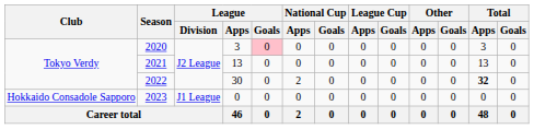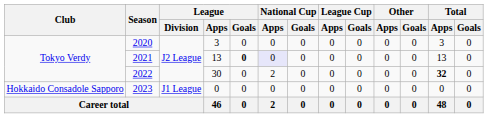 <table class="wikitable" style="text-align: center;">
 <tr>
 <th rowspan="2">Club</th>
 <th rowspan="2">Season</th>
 <th colspan="3">League</th>
 <th colspan="2">National Cup</th>
 <th colspan="2">League Cup</th>
 <th colspan="2">Other</th>
 <th colspan="2">Total</th>
 </tr>
 <tr>
 <th>Division</th>
 <th>Apps</th>
 <th>Goals</th>
 <th>Apps</th>
 <th>Goals</th>
 <th>Apps</th>
 <th>Goals</th>
 <th>Apps</th>
 <th>Goals</th>
 <th>Apps</th>
 <th>Goals</th>
 </tr>
 <tr>
 <td rowspan="3"><a href='#'>Tokyo Verdy</a></td>
 <td><a href='#'>2020</a></td>
 <td rowspan="3"><a href='#'>J2 League</a></td>
 <td>3</td>
-<td style="background: pink;">0</td>
+<td>0</td>
 <td>0</td>
 <td>0</td>
 <td>0</td>
 <td>0</td>
 <td>0</td>
 <td>0</td>
 <td>3</td>
 <td>0</td>
 </tr>
 <tr>
 <td><a href='#'>2021</a></td>
 <td>13</td>
-<td>0</td>
-<td>0</td>
+<td><strong>0</strong></td>
+<td style="background: lavender;">0</td>
 <td>0</td>
 <td>0</td>
 <td>0</td>
 <td>0</td>
 <td>0</td>
 <td>13</td>
 <td>0</td>
 </tr>
 <tr>
 <td><a href='#'>2022</a></td>
 <td>30</td>
 <td>0</td>
 <td>2</td>
 <td>0</td>
 <td>0</td>
 <td>0</td>
 <td>0</td>
 <td>0</td>
 <td><strong>32</strong></td>
 <td>0</td>
 </tr>
 <tr>
 <td><a href='#'>Hokkaido Consadole Sapporo</a></td>
 <td><a href='#'>2023</a></td>
 <td><a href='#'>J1 League</a></td>
 <td>0</td>
 <td>0</td>
 <td>0</td>
 <td>0</td>
 <td>0</td>
 <td>0</td>
 <td>0</td>
 <td>0</td>
 <td>0</td>
 <td>0</td>
 </tr>
 <tr>
 <th colspan="3">Career total</th>
 <th>46</th>
 <th>0</th>
 <th>2</th>
 <th>0</th>
 <th>0</th>
 <th>0</th>
 <th>0</th>
 <th>0</th>
 <th>48</th>
 <th>0</th>
 </tr>
 </table>
